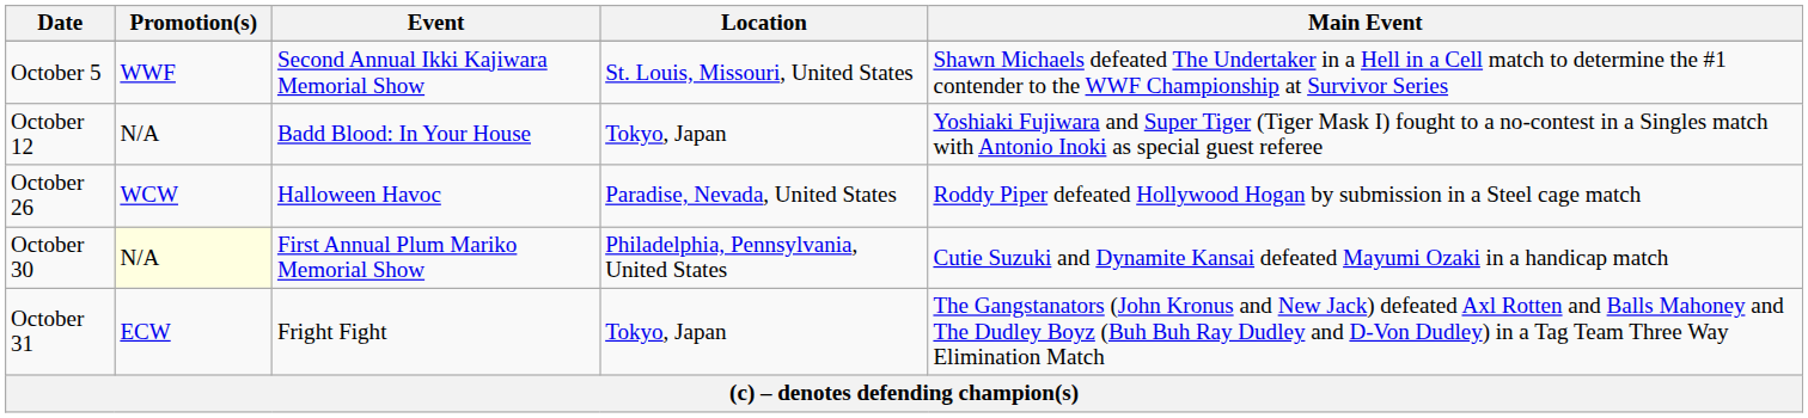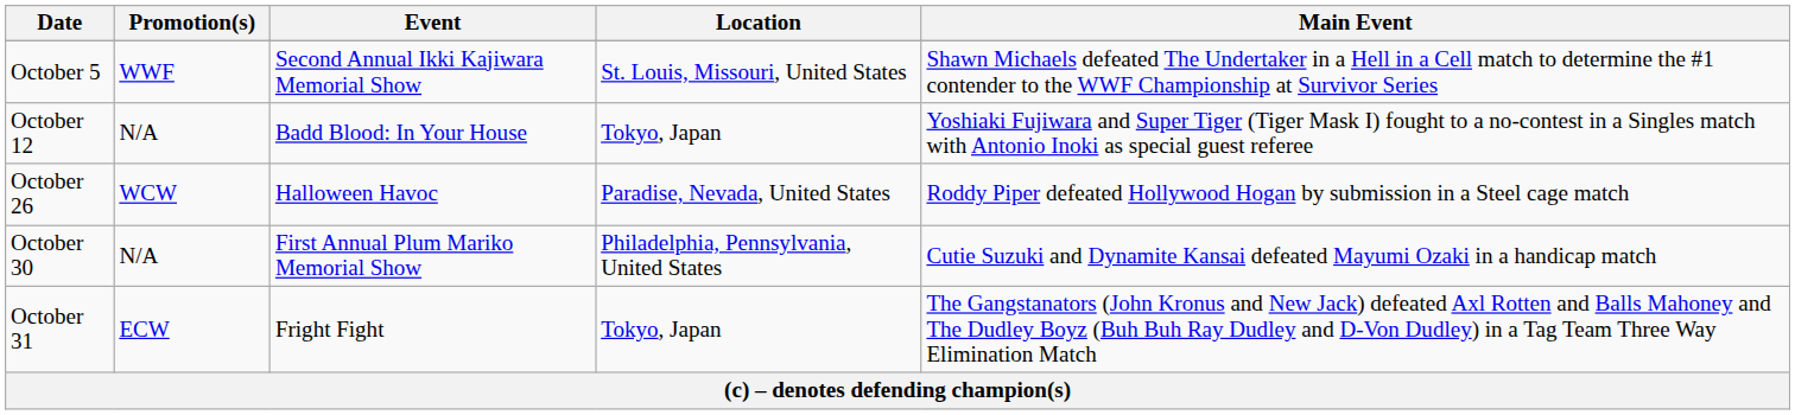 <table class="wikitable" style="width:100%;">
 <tr>
 <th width="5%">Date</th>
 <th width="5%">Promotion(s)</th>
 <th style="width:15%;">Event</th>
 <th style="width:15%;">Location</th>
 <th style="width:40%;">Main Event</th>
 </tr>
 <tr style="width:20%;" |Notes>
 </tr>
 <tr>
 <td>October 5</td>
 <td><a href='#'>WWF</a></td>
 <td><a href='#'>Second Annual Ikki Kajiwara Memorial Show</a></td>
 <td><a href='#'>St. Louis, Missouri</a>, United States</td>
 <td><a href='#'>Shawn Michaels</a> defeated <a href='#'>The Undertaker</a> in a <a href='#'>Hell in a Cell</a> match to determine the #1 contender to the <a href='#'>WWF Championship</a> at <a href='#'>Survivor Series</a></td>
 </tr>
 <tr>
 <td>October 12</td>
 <td>N/A</td>
 <td><a href='#'>Badd Blood: In Your House</a></td>
 <td><a href='#'>Tokyo</a>, Japan</td>
 <td><a href='#'>Yoshiaki Fujiwara</a> and <a href='#'>Super Tiger</a> (Tiger Mask I) fought to a no-contest in a Singles match with <a href='#'>Antonio Inoki</a> as special guest referee</td>
 </tr>
 <tr>
 <td>October 26</td>
 <td><a href='#'>WCW</a></td>
 <td><a href='#'>Halloween Havoc</a></td>
 <td><a href='#'>Paradise, Nevada</a>, United States</td>
 <td><a href='#'>Roddy Piper</a> defeated <a href='#'>Hollywood Hogan</a> by submission in a Steel cage match</td>
 </tr>
 <tr>
 <td>October 30</td>
-<td style="background: lightyellow;">N/A</td>
+<td>N/A</td>
 <td><a href='#'>First Annual Plum Mariko Memorial Show</a></td>
 <td><a href='#'>Philadelphia, Pennsylvania</a>, United States</td>
 <td><a href='#'>Cutie Suzuki</a> and <a href='#'>Dynamite Kansai</a> defeated <a href='#'>Mayumi Ozaki</a> in a handicap match</td>
 </tr>
 <tr>
 <td>October 31</td>
 <td><a href='#'>ECW</a></td>
 <td>Fright Fight</td>
 <td><a href='#'>Tokyo</a>, Japan</td>
 <td><a href='#'>The Gangstanators</a> (<a href='#'>John Kronus</a> and <a href='#'>New Jack</a>) defeated <a href='#'>Axl Rotten</a> and <a href='#'>Balls Mahoney</a> and <a href='#'>The Dudley Boyz</a> (<a href='#'>Buh Buh Ray Dudley</a> and <a href='#'>D-Von Dudley</a>) in a Tag Team Three Way Elimination Match</td>
 </tr>
 <tr>
 <th colspan="6">(c) – denotes defending champion(s)</th>
 </tr>
 </table>
